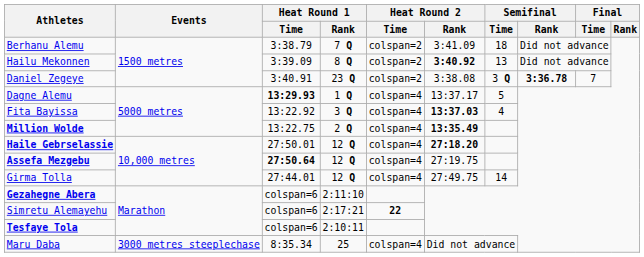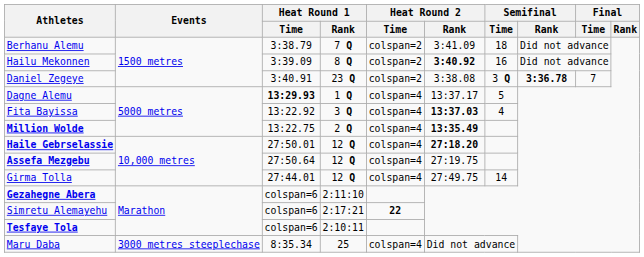 <table class=wikitable style=font-size:90%>
 <tr>
 <th rowspan=2>Athletes</th>
 <th rowspan=2>Events</th>
 <th colspan=2>Heat Round 1</th>
 <th colspan=2>Heat Round 2</th>
 <th colspan=2>Semifinal</th>
 <th colspan=2>Final</th>
 </tr>
 <tr>
 <th>Time</th>
 <th>Rank</th>
 <th>Time</th>
 <th>Rank</th>
 <th>Time</th>
 <th>Rank</th>
 <th>Time</th>
 <th>Rank</th>
 </tr>
 <tr>
 <td><a href='#'>Berhanu Alemu</a></td>
 <td rowspan=3><a href='#'>1500 metres</a></td>
 <td align=center>3:38.79</td>
 <td align=center>7 <strong>Q</strong></td>
 <td>colspan=2</td>
 <td align=center>3:41.09</td>
 <td align=center>18</td>
 <td align=center colspan=2>Did not advance</td>
 </tr>
 <tr>
 <td><a href='#'>Hailu Mekonnen</a></td>
 <td align=center>3:39.09</td>
 <td align=center>8 <strong>Q</strong></td>
 <td>colspan=2</td>
 <td align=center><strong>3:40.92</strong></td>
-<td align=center>13</td>
+<td align=center>16</td>
 <td align=center colspan=2>Did not advance</td>
 </tr>
 <tr>
 <td><a href='#'>Daniel Zegeye</a></td>
 <td align=center>3:40.91</td>
 <td align=center>23 <strong>Q</strong></td>
 <td>colspan=2</td>
 <td align=center>3:38.08</td>
 <td align=center>3 <strong>Q</strong></td>
 <td align=center><strong>3:36.78</strong></td>
 <td align=center>7</td>
 </tr>
 <tr>
 <td><a href='#'>Dagne Alemu</a></td>
 <td rowspan=3><a href='#'>5000 metres</a></td>
 <td align=center><strong>13:29.93</strong></td>
 <td align=center>1 <strong>Q</strong></td>
 <td>colspan=4</td>
 <td align=center>13:37.17</td>
 <td align=center>5</td>
 </tr>
 <tr>
 <td><a href='#'>Fita Bayissa</a></td>
 <td align=center>13:22.92</td>
 <td align=center>3 <strong>Q</strong></td>
 <td>colspan=4</td>
 <td align=center><strong>13:37.03</strong></td>
 <td align=center>4</td>
 </tr>
 <tr>
 <td><strong><a href='#'>Million Wolde</a></strong></td>
 <td align=center>13:22.75</td>
 <td align=center>2 <strong>Q</strong></td>
 <td>colspan=4</td>
 <td align=center><strong>13:35.49</strong></td>
 <td align=center></td>
 </tr>
 <tr>
 <td><strong><a href='#'>Haile Gebrselassie</a></strong></td>
 <td rowspan=3><a href='#'>10,000 metres</a></td>
 <td align=center>27:50.01</td>
 <td align=center>12 <strong>Q</strong></td>
 <td>colspan=4</td>
 <td align=center><strong>27:18.20</strong></td>
 <td align=center></td>
 </tr>
 <tr>
 <td><strong><a href='#'>Assefa Mezgebu</a></strong></td>
-<td align=center><strong>27:50.64</strong></td>
+<td align=center>27:50.64</td>
 <td align=center>12 <strong>Q</strong></td>
 <td>colspan=4</td>
 <td align=center>27:19.75</td>
 <td align=center></td>
 </tr>
 <tr>
 <td><a href='#'>Girma Tolla</a></td>
 <td align=center>27:44.01</td>
 <td align=center>12 <strong>Q</strong></td>
 <td>colspan=4</td>
 <td align=center>27:49.75</td>
 <td align=center>14</td>
 </tr>
 <tr>
 <td><strong><a href='#'>Gezahegne Abera</a></strong></td>
 <td rowspan=3><a href='#'>Marathon</a></td>
 <td>colspan=6</td>
 <td align=center>2:11:10</td>
 <td align=center></td>
 </tr>
 <tr>
 <td><a href='#'>Simretu Alemayehu</a></td>
 <td>colspan=6</td>
 <td align=center>2:17:21</td>
 <td align=center><strong>22</strong></td>
 </tr>
 <tr>
 <td><strong><a href='#'>Tesfaye Tola</a></strong></td>
 <td>colspan=6</td>
 <td align=center>2:10:11</td>
 <td align=center></td>
 </tr>
 <tr>
 <td><a href='#'>Maru Daba</a></td>
 <td><a href='#'>3000 metres steeplechase</a></td>
 <td align=center>8:35.34</td>
 <td align=center>25</td>
 <td>colspan=4</td>
 <td align=center colspan=2>Did not advance</td>
 </tr>
 </table>
